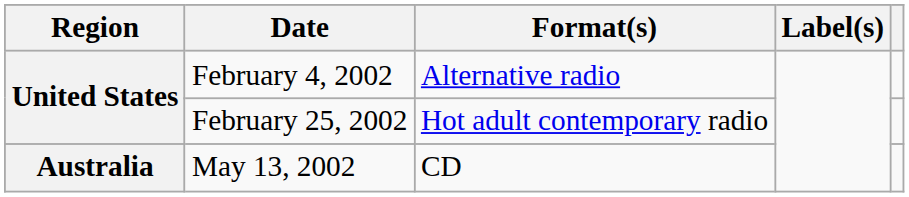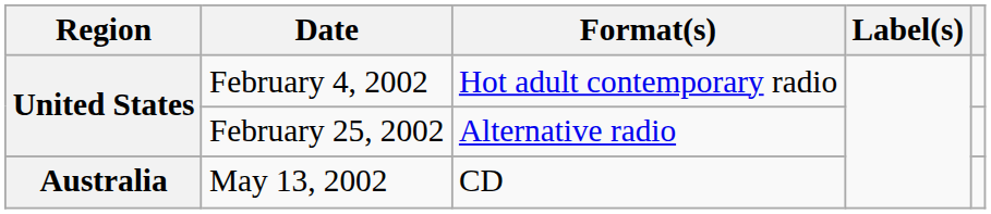 <table class="wikitable plainrowheaders">
 <tr>
 <th scope="col">Region</th>
 <th scope="col">Date</th>
 <th scope="col">Format(s)</th>
 <th scope="col">Label(s)</th>
 <th scope="col"></th>
 </tr>
 <tr>
 <th scope="row" rowspan="2">United States</th>
 <td>February 4, 2002</td>
-<td><a href='#'>Alternative radio</a></td>
+<td><a href='#'>Hot adult contemporary</a> radio</td>
 <td rowspan="3"></td>
 <td></td>
 </tr>
 <tr>
 <td>February 25, 2002</td>
-<td><a href='#'>Hot adult contemporary</a> radio</td>
+<td><a href='#'>Alternative radio</a></td>
 <td></td>
 </tr>
 <tr>
 <th scope="row">Australia</th>
 <td>May 13, 2002</td>
 <td>CD</td>
 <td></td>
 </tr>
 </table>
